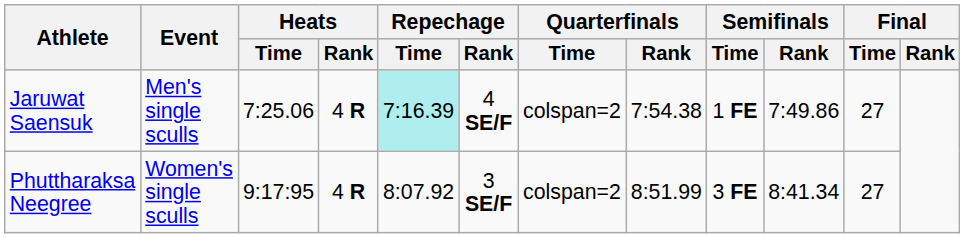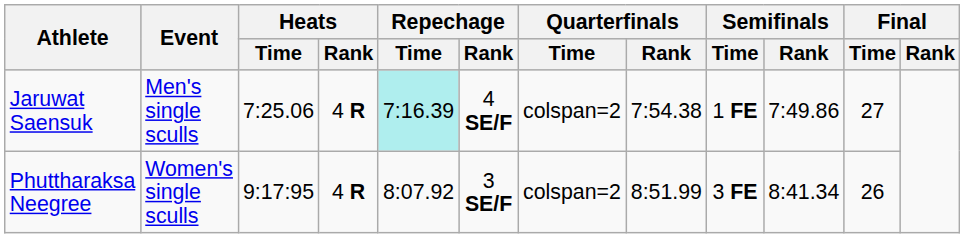 <table class="wikitable" style="font-size:90%">
 <tr>
 <th rowspan=2>Athlete</th>
 <th rowspan=2>Event</th>
 <th colspan="2">Heats</th>
 <th colspan="2">Repechage</th>
 <th colspan=2>Quarterfinals</th>
 <th colspan="2">Semifinals</th>
 <th colspan="2">Final</th>
 </tr>
 <tr style="font-size:95%">
 <th>Time</th>
 <th>Rank</th>
 <th>Time</th>
 <th>Rank</th>
 <th>Time</th>
 <th>Rank</th>
 <th>Time</th>
 <th>Rank</th>
 <th>Time</th>
 <th>Rank</th>
 </tr>
 <tr align=center>
 <td align=left><a href='#'>Jaruwat Saensuk</a></td>
 <td align=left><a href='#'>Men's single sculls</a></td>
 <td>7:25.06</td>
 <td>4 <strong>R</strong></td>
 <td style="background: paleturquoise;">7:16.39</td>
 <td>4 <strong>SE/F</strong></td>
 <td>colspan=2 </td>
 <td>7:54.38</td>
 <td>1 <strong>FE</strong></td>
 <td>7:49.86</td>
 <td>27</td>
 </tr>
 <tr align=center>
 <td align=left><a href='#'>Phuttharaksa Neegree</a></td>
 <td align=left><a href='#'>Women's single sculls</a></td>
 <td>9:17:95</td>
 <td>4 <strong>R</strong></td>
 <td>8:07.92</td>
 <td>3 <strong>SE/F</strong></td>
 <td>colspan=2 </td>
 <td>8:51.99</td>
 <td>3 <strong>FE</strong></td>
 <td>8:41.34</td>
-<td>27</td>
+<td>26</td>
 </tr>
 </table>
